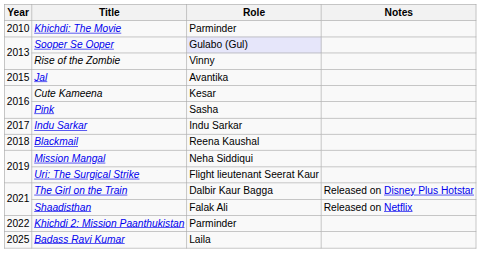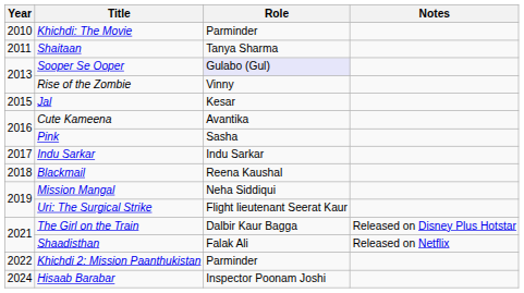 <table class="wikitable sortable">
 <tr>
 <th>Year</th>
 <th>Title</th>
 <th>Role</th>
 <th>Notes</th>
 </tr>
 <tr>
 <td>2010</td>
 <td><em><a href='#'>Khichdi: The Movie</a></em></td>
 <td>Parminder</td>
+<td></td>
+</tr>
+<tr>
+<td>2011</td>
+<td><em><a href='#'>Shaitaan</a></em></td>
+<td>Tanya Sharma</td>
 <td></td>
 </tr>
 <tr>
 <td rowspan="2">2013</td>
 <td><em><a href='#'>Sooper Se Ooper</a></em></td>
 <td style="background: lavender;">Gulabo (Gul)</td>
 <td></td>
 </tr>
 <tr>
 <td><em>Rise of the Zombie</em></td>
 <td>Vinny</td>
 <td></td>
 </tr>
 <tr>
 <td>2015</td>
 <td><em><a href='#'>Jal</a></em></td>
-<td>Avantika</td>
+<td>Kesar</td>
 <td></td>
 </tr>
 <tr>
 <td rowspan="2">2016</td>
 <td><em>Cute Kameena</em></td>
-<td>Kesar</td>
+<td>Avantika</td>
 <td></td>
 </tr>
 <tr>
 <td><em><a href='#'>Pink</a></em></td>
 <td>Sasha</td>
 <td></td>
 </tr>
 <tr>
 <td>2017</td>
 <td><em><a href='#'>Indu Sarkar</a></em></td>
 <td>Indu Sarkar</td>
 <td></td>
 </tr>
 <tr>
 <td>2018</td>
 <td><em><a href='#'>Blackmail</a></em></td>
 <td>Reena Kaushal</td>
 <td></td>
 </tr>
 <tr>
 <td rowspan="2”">2019</td>
 <td><em><a href='#'>Mission Mangal</a></em></td>
 <td>Neha Siddiqui</td>
 <td></td>
 </tr>
 <tr>
 <td><em><a href='#'>Uri: The Surgical Strike</a></em></td>
 <td>Flight lieutenant Seerat Kaur</td>
 <td></td>
 </tr>
 <tr>
 <td rowspan="2">2021</td>
 <td><em><a href='#'>The Girl on the Train</a></em></td>
 <td>Dalbir Kaur Bagga</td>
 <td>Released on <a href='#'>Disney Plus Hotstar</a></td>
 </tr>
 <tr>
 <td><em><a href='#'>Shaadisthan</a></em></td>
 <td>Falak Ali</td>
 <td>Released on <a href='#'>Netflix</a></td>
 </tr>
 <tr>
 <td>2022</td>
 <td><em><a href='#'>Khichdi 2: Mission Paanthukistan</a></em></td>
 <td>Parminder</td>
 <td></td>
 </tr>
 <tr>
-<td>2025</td>
-<td><em><a href='#'>Badass Ravi Kumar</a></em></td>
-<td>Laila</td>
+<td>2024</td>
+<td><em><a href='#'>Hisaab Barabar</a></em></td>
+<td>Inspector Poonam Joshi</td>
 <td></td>
 </tr>
 </table>
